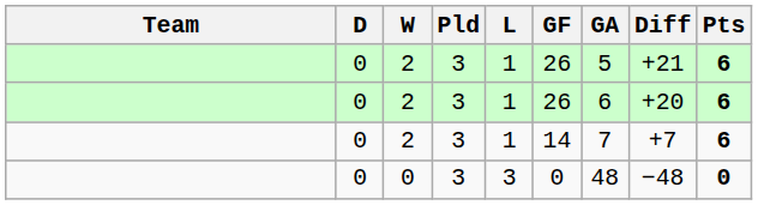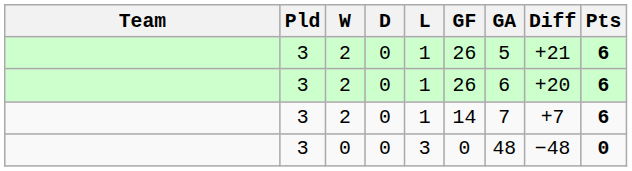 <table class="wikitable" style="text-align: center;">
 <tr>
 <th width=175>Team</th>
+<th width=20>Pld</th>
+<th width=20>W</th>
 <th width=20>D</th>
-<th width=20>W</th>
-<th width=20>Pld</th>
 <th width=20>L</th>
 <th width=20>GF</th>
 <th width=20>GA</th>
 <th width=20>Diff</th>
 <th width=20>Pts</th>
 </tr>
 <tr bgcolor=ccffcc>
 <td align=left></td>
+<td>3</td>
+<td>2</td>
 <td>0</td>
-<td>2</td>
-<td>3</td>
 <td>1</td>
 <td>26</td>
 <td>5</td>
 <td>+21</td>
 <td><strong>6</strong></td>
 </tr>
 <tr bgcolor=ccffcc>
 <td align=left></td>
+<td>3</td>
+<td>2</td>
 <td>0</td>
-<td>2</td>
-<td>3</td>
 <td>1</td>
 <td>26</td>
 <td>6</td>
 <td>+20</td>
 <td><strong>6</strong></td>
 </tr>
 <tr>
 <td align=left></td>
+<td>3</td>
+<td>2</td>
 <td>0</td>
-<td>2</td>
-<td>3</td>
 <td>1</td>
 <td>14</td>
 <td>7</td>
 <td>+7</td>
 <td><strong>6</strong></td>
 </tr>
 <tr>
 <td align=left></td>
+<td>3</td>
 <td>0</td>
 <td>0</td>
-<td>3</td>
 <td>3</td>
 <td>0</td>
 <td>48</td>
 <td>−48</td>
 <td><strong>0</strong></td>
 </tr>
 </table>
